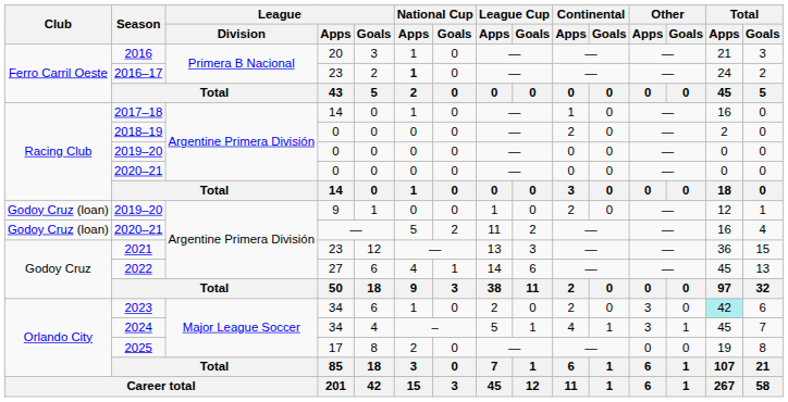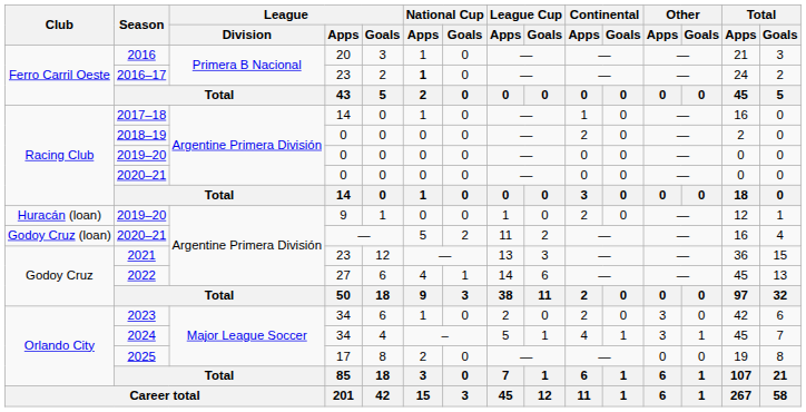 <table class="wikitable" style="text-align:center">
 <tr>
 <th rowspan="2">Club</th>
 <th rowspan="2">Season</th>
 <th colspan="3">League</th>
 <th colspan="2">National Cup</th>
 <th colspan="2">League Cup</th>
 <th colspan="2">Continental</th>
 <th colspan="2">Other</th>
 <th colspan="2">Total</th>
 </tr>
 <tr>
 <th>Division</th>
 <th>Apps</th>
 <th>Goals</th>
 <th>Apps</th>
 <th>Goals</th>
 <th>Apps</th>
 <th>Goals</th>
 <th>Apps</th>
 <th>Goals</th>
 <th>Apps</th>
 <th>Goals</th>
 <th>Apps</th>
 <th>Goals</th>
 </tr>
 <tr>
 <td rowspan="3"><a href='#'>Ferro Carril Oeste</a></td>
 <td><a href='#'>2016</a></td>
 <td rowspan="2"><a href='#'>Primera B Nacional</a></td>
 <td>20</td>
 <td>3</td>
 <td>1</td>
 <td>0</td>
 <td colspan="2">—</td>
 <td colspan="2">—</td>
 <td colspan="2">—</td>
 <td>21</td>
 <td>3</td>
 </tr>
 <tr>
 <td><a href='#'>2016–17</a></td>
 <td>23</td>
 <td>2</td>
 <td><strong>1</strong></td>
 <td>0</td>
 <td colspan="2">—</td>
 <td colspan="2">—</td>
 <td colspan="2">—</td>
 <td>24</td>
 <td>2</td>
 </tr>
 <tr>
 <th colspan="2">Total</th>
 <th>43</th>
 <th>5</th>
 <th>2</th>
 <th>0</th>
 <th>0</th>
 <th>0</th>
 <th>0</th>
 <th>0</th>
 <th>0</th>
 <th>0</th>
 <th>45</th>
 <th>5</th>
 </tr>
 <tr>
 <td rowspan="5"><a href='#'>Racing Club</a></td>
 <td><a href='#'>2017–18</a></td>
 <td rowspan="4"><a href='#'>Argentine Primera División</a></td>
 <td>14</td>
 <td>0</td>
 <td>1</td>
 <td>0</td>
 <td colspan="2">—</td>
 <td>1</td>
 <td>0</td>
 <td colspan="2">—</td>
 <td>16</td>
 <td>0</td>
 </tr>
 <tr>
 <td><a href='#'>2018–19</a></td>
 <td>0</td>
 <td>0</td>
 <td>0</td>
 <td>0</td>
 <td colspan="2">—</td>
 <td>2</td>
 <td>0</td>
 <td colspan="2">—</td>
 <td>2</td>
 <td>0</td>
 </tr>
 <tr>
 <td><a href='#'>2019–20</a></td>
 <td>0</td>
 <td>0</td>
 <td>0</td>
 <td>0</td>
 <td colspan="2">—</td>
 <td>0</td>
 <td>0</td>
 <td colspan="2">—</td>
 <td>0</td>
 <td>0</td>
 </tr>
 <tr>
 <td><a href='#'>2020–21</a></td>
 <td>0</td>
 <td>0</td>
 <td>0</td>
 <td>0</td>
 <td colspan="2">—</td>
 <td>0</td>
 <td>0</td>
 <td colspan="2">—</td>
 <td>0</td>
 <td>0</td>
 </tr>
 <tr>
 <th colspan="2">Total</th>
 <th>14</th>
 <th>0</th>
 <th>1</th>
 <th>0</th>
 <th>0</th>
 <th>0</th>
 <th>3</th>
 <th>0</th>
 <th>0</th>
 <th>0</th>
 <th>18</th>
 <th>0</th>
 </tr>
 <tr>
-<td><a href='#'>Godoy Cruz</a> (loan)</td>
+<td><a href='#'>Huracán</a> (loan)</td>
 <td><a href='#'>2019–20</a></td>
 <td rowspan="4">Argentine Primera División</td>
 <td>9</td>
 <td>1</td>
 <td>0</td>
 <td>0</td>
 <td>1</td>
 <td>0</td>
 <td>2</td>
 <td>0</td>
 <td colspan="2">—</td>
 <td>12</td>
 <td>1</td>
 </tr>
 <tr>
 <td><a href='#'>Godoy Cruz</a> (loan)</td>
 <td><a href='#'>2020–21</a></td>
 <td colspan="2">—</td>
 <td>5</td>
 <td>2</td>
 <td>11</td>
 <td>2</td>
 <td colspan="2">—</td>
 <td colspan="2">—</td>
 <td>16</td>
 <td>4</td>
 </tr>
 <tr>
 <td rowspan="3">Godoy Cruz</td>
 <td><a href='#'>2021</a></td>
 <td>23</td>
 <td>12</td>
 <td colspan="2">—</td>
 <td>13</td>
 <td>3</td>
 <td colspan="2">—</td>
 <td colspan="2">—</td>
 <td>36</td>
 <td>15</td>
 </tr>
 <tr>
 <td><a href='#'>2022</a></td>
 <td>27</td>
 <td>6</td>
 <td>4</td>
 <td>1</td>
 <td>14</td>
 <td>6</td>
 <td colspan="2">—</td>
 <td colspan="2">—</td>
 <td>45</td>
 <td>13</td>
 </tr>
 <tr>
 <th colspan="2">Total</th>
 <th>50</th>
 <th>18</th>
 <th>9</th>
 <th>3</th>
 <th>38</th>
 <th>11</th>
 <th>2</th>
 <th>0</th>
 <th>0</th>
 <th>0</th>
 <th>97</th>
 <th>32</th>
 </tr>
 <tr>
 <td rowspan="4"><a href='#'>Orlando City</a></td>
 <td><a href='#'>2023</a></td>
 <td rowspan="3"><a href='#'>Major League Soccer</a></td>
 <td>34</td>
 <td>6</td>
 <td>1</td>
 <td>0</td>
 <td>2</td>
 <td>0</td>
 <td>2</td>
 <td>0</td>
 <td>3</td>
 <td>0</td>
-<td style="background: paleturquoise;">42</td>
+<td>42</td>
 <td>6</td>
 </tr>
 <tr>
 <td><a href='#'>2024</a></td>
 <td>34</td>
 <td>4</td>
 <td colspan="2">–</td>
 <td>5</td>
 <td>1</td>
 <td>4</td>
 <td>1</td>
 <td>3</td>
 <td>1</td>
 <td>45</td>
 <td>7</td>
 </tr>
 <tr>
 <td><a href='#'>2025</a></td>
 <td>17</td>
 <td>8</td>
 <td>2</td>
 <td>0</td>
 <td colspan="2">—</td>
 <td colspan="2">—</td>
 <td>0</td>
 <td>0</td>
 <td>19</td>
 <td>8</td>
 </tr>
 <tr>
 <th colspan="2">Total</th>
 <th>85</th>
 <th>18</th>
 <th>3</th>
 <th>0</th>
 <th>7</th>
 <th>1</th>
 <th>6</th>
 <th>1</th>
 <th>6</th>
 <th>1</th>
 <th>107</th>
 <th>21</th>
 </tr>
 <tr>
 <th colspan="3">Career total</th>
 <th>201</th>
 <th>42</th>
 <th>15</th>
 <th>3</th>
 <th>45</th>
 <th>12</th>
 <th>11</th>
 <th>1</th>
 <th>6</th>
 <th>1</th>
 <th>267</th>
 <th>58</th>
 </tr>
 </table>
